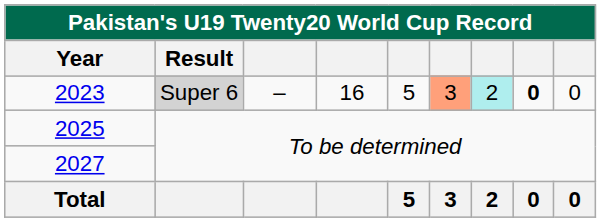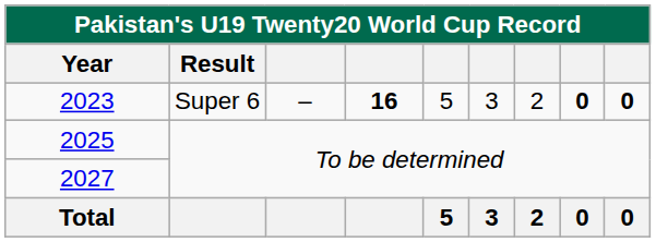 <table class="wikitable" style="font-size:90%; text-align:center">
 <tr>
 <th style="color:white; background:#006A4E;" colspan=9>Pakistan's U19 Twenty20 World Cup Record</th>
 </tr>
 <tr>
 <th width="90">Year</th>
 <th>Result</th>
 <th width="40"></th>
 <th width="40"></th>
 <th width="20"></th>
 <th width="20"></th>
 <th width="20"></th>
 <th width="20"></th>
 <th width="20"></th>
 </tr>
 <tr>
 <td> <a href='#'>2023</a></td>
-<td style="background: lightgrey;">Super 6</td>
+<td>Super 6</td>
 <td>–</td>
-<td>16</td>
+<td><strong>16</strong></td>
 <td>5</td>
-<td style="background: lightsalmon;">3</td>
-<td style="background: paleturquoise;">2</td>
+<td>3</td>
+<td>2</td>
 <td><strong>0</strong></td>
-<td>0</td>
+<td><strong>0</strong></td>
 </tr>
 <tr>
 <td> <a href='#'>2025</a></td>
 <td colspan="8" rowspan="2"><em>To be determined</em></td>
 </tr>
 <tr>
 <td> <a href='#'>2027</a></td>
 </tr>
 <tr>
 <th>Total</th>
 <th></th>
 <th></th>
 <th></th>
 <th>5</th>
 <th>3</th>
 <th>2</th>
 <th>0</th>
 <th>0</th>
 </tr>
 </table>
